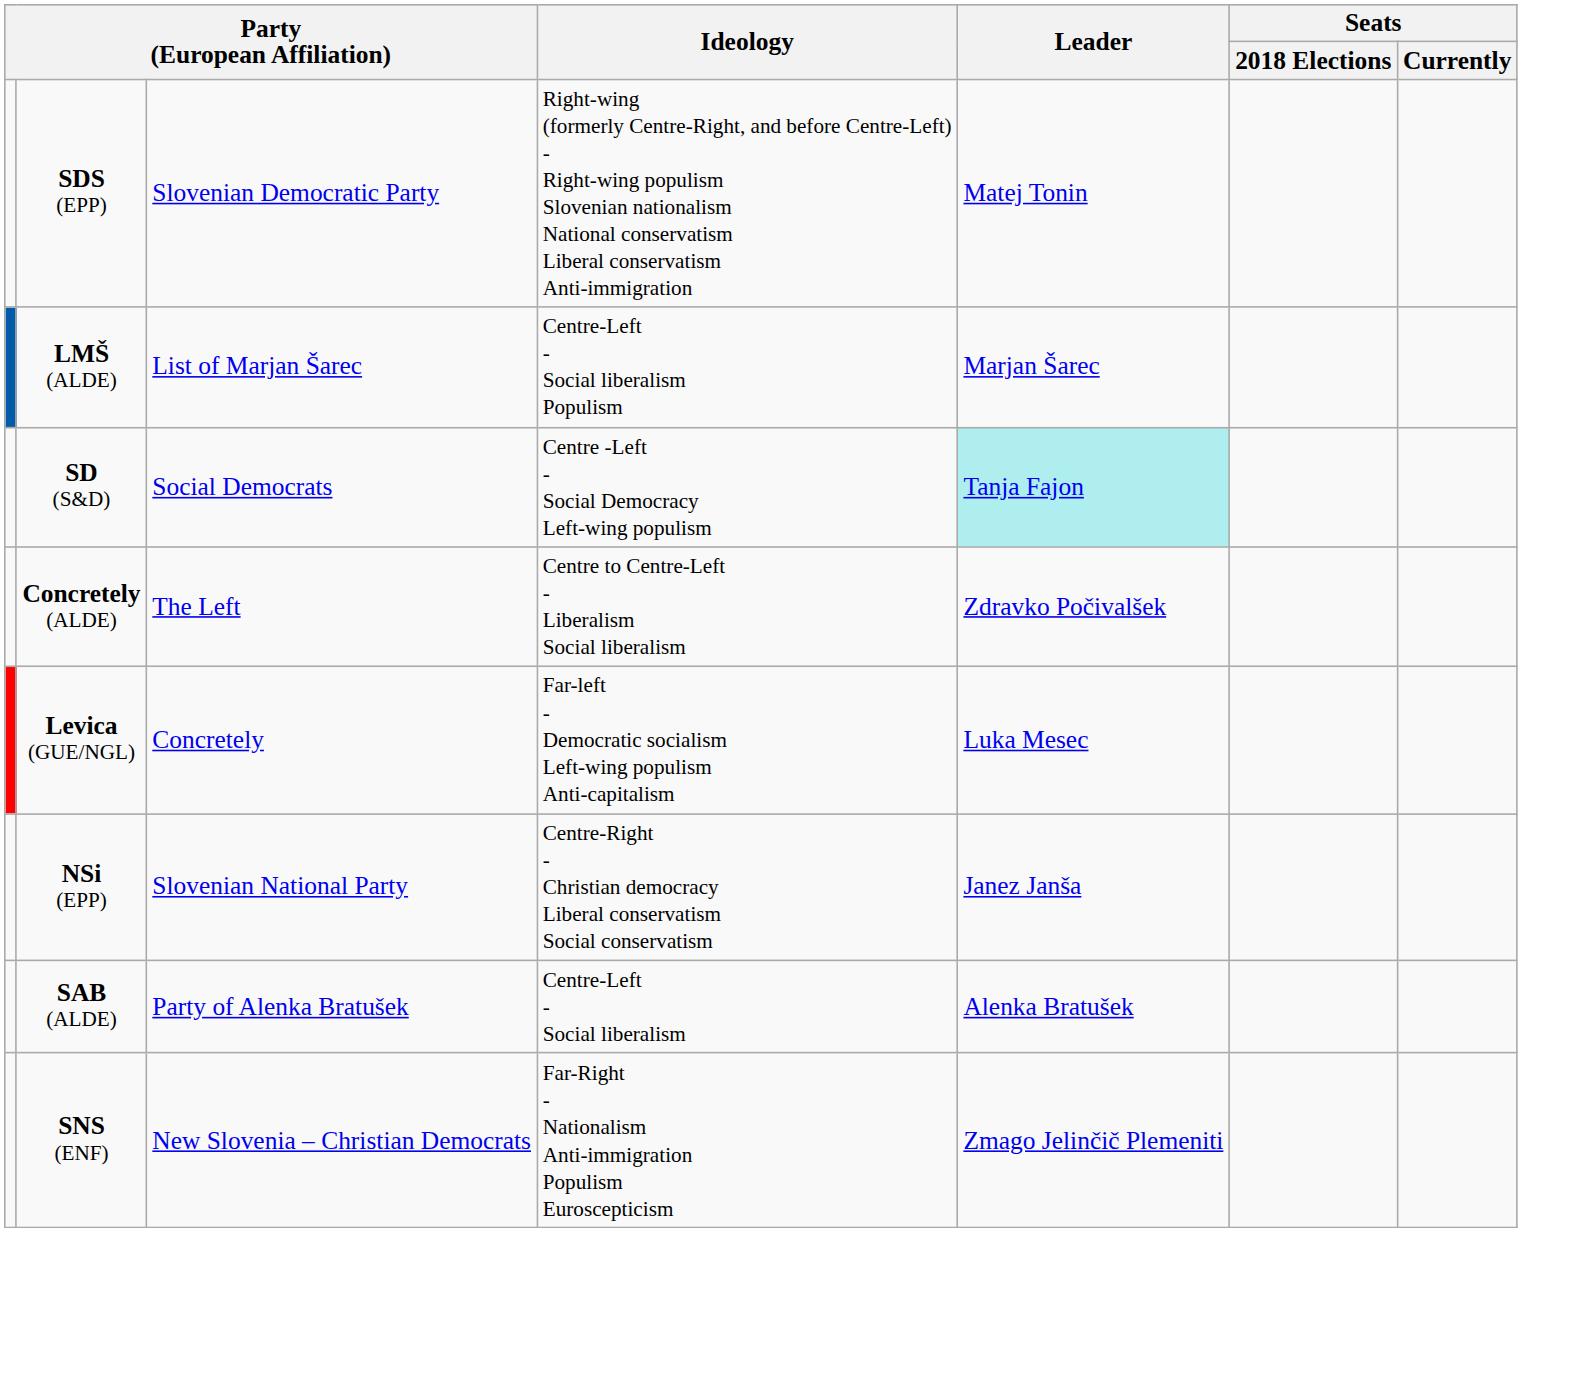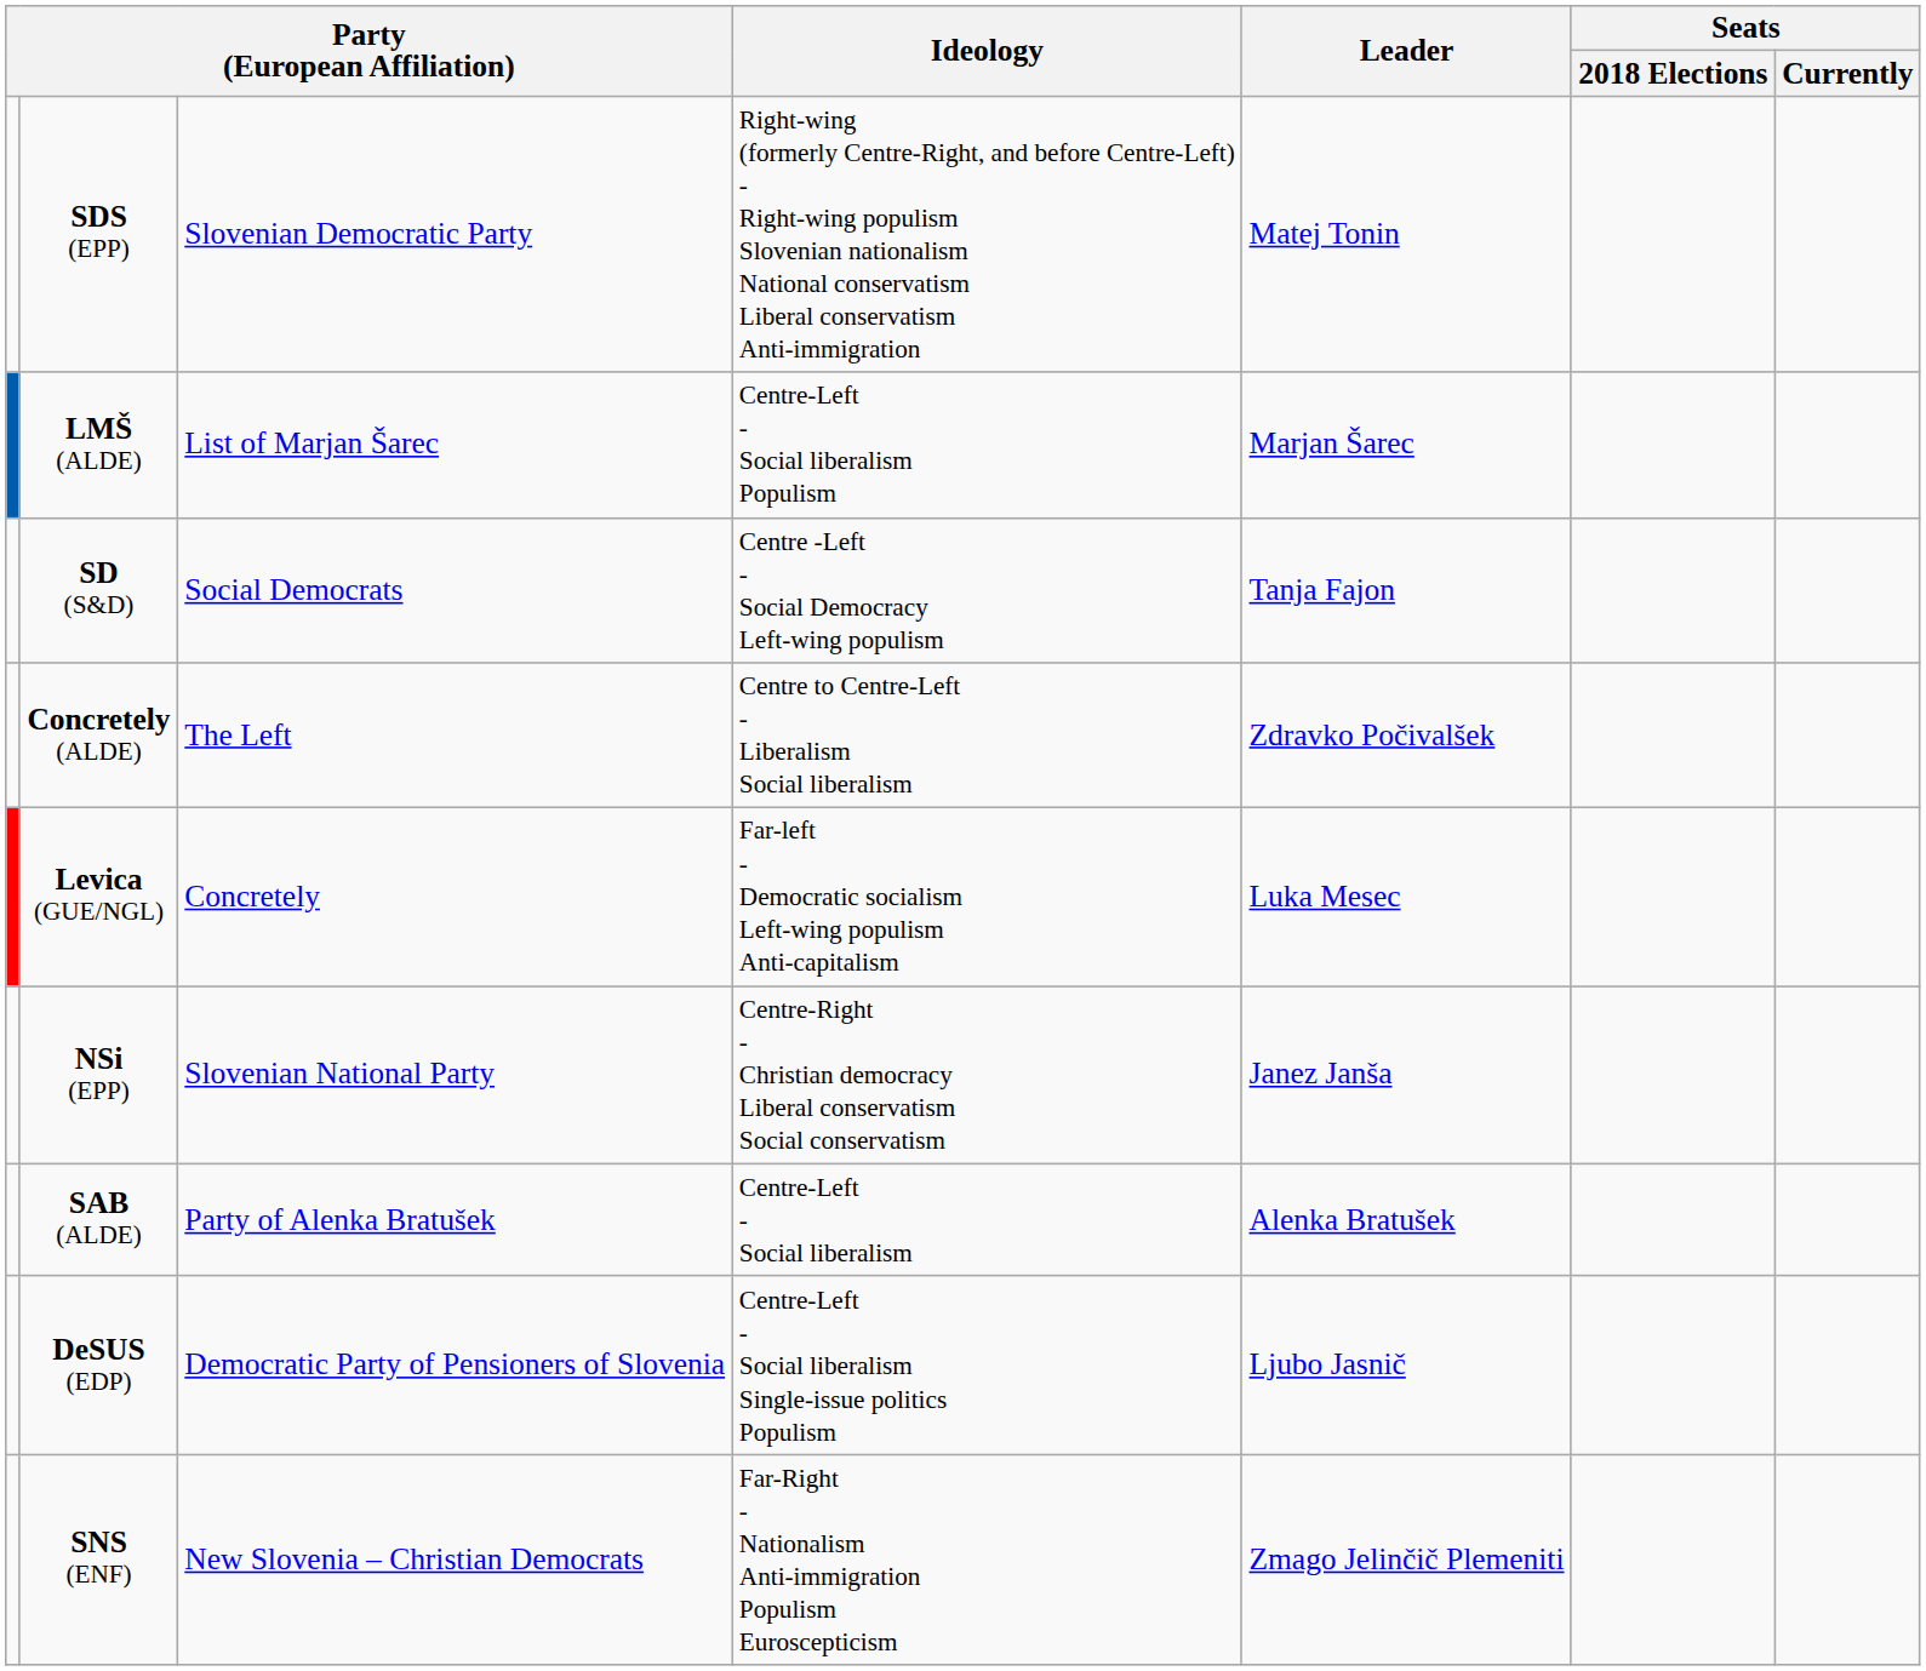 <table class="wikitable" style="line-height:16px;">
 <tr>
 <th colspan="3" rowspan="2">Party<br>(European Affiliation)</th>
 <th rowspan="2">Ideology</th>
 <th rowspan="2">Leader</th>
 <th colspan="2">Seats</th>
 </tr>
 <tr>
 <th>2018 Elections</th>
 <th>Currently</th>
 </tr>
 <tr>
 <td style="background:"></td>
 <td style="text-align:center;"><strong>SDS</strong><br><small>(EPP)</small></td>
 <td><a href='#'>Slovenian Democratic Party</a><br></td>
 <td><small>Right-wing</small><br><small>(formerly Centre-Right, and before Centre-Left)</small><br><small>-</small><br><small>Right-wing populism</small><br><small>Slovenian nationalism</small><br><small>National conservatism</small><br><small>Liberal conservatism</small><br><small>Anti-immigration</small></td>
 <td><a href='#'>Matej Tonin</a><br></td>
 <td></td>
 <td></td>
 </tr>
 <tr>
 <td style="background:#005bab"></td>
 <td style="text-align:center;"><strong>LMŠ</strong><br><small>(ALDE)</small></td>
 <td><a href='#'>List of Marjan Šarec</a><br></td>
 <td><small>Centre-Left</small><br><small>-</small><br><small>Social liberalism</small><br><small>Populism</small></td>
 <td><a href='#'>Marjan Šarec</a><br></td>
 <td></td>
 <td></td>
 </tr>
 <tr>
 <td style="background:"></td>
 <td style="text-align:center;"><strong>SD</strong><br><small>(S&D)</small></td>
 <td><a href='#'>Social Democrats</a><br></td>
 <td><small>Centre -Left</small><br><small>-</small><br><small>Social Democracy</small><br><small>Left-wing populism</small></td>
-<td style="background: paleturquoise;"><a href='#'>Tanja Fajon</a><br></td>
+<td><a href='#'>Tanja Fajon</a><br></td>
 <td></td>
 <td></td>
 </tr>
 <tr>
 <td style="background:"></td>
 <td style="text-align:center;"><strong>Concretely</strong><br><small>(ALDE)</small></td>
 <td><a href='#'>The Left</a><br></td>
 <td><small>Centre to Centre-Left</small><br><small>-</small><br><small>Liberalism</small><br><small>Social liberalism</small></td>
 <td><a href='#'>Zdravko Počivalšek</a><br></td>
 <td></td>
 <td></td>
 </tr>
 <tr>
 <td style="background:red"></td>
 <td style="text-align:center;"><strong>Levica</strong><br><small>(GUE/NGL)</small></td>
 <td><a href='#'>Concretely</a><br></td>
 <td><small>Far-left</small><br><small>-</small><br><small>Democratic socialism</small><br><small>Left-wing populism</small><br><small>Anti-capitalism</small></td>
 <td><a href='#'>Luka Mesec</a><br></td>
 <td></td>
 <td></td>
 </tr>
 <tr>
 <td style="background:"></td>
 <td style="text-align:center;"><strong>NSi</strong><br><small>(EPP)</small></td>
 <td><a href='#'>Slovenian National Party</a><br></td>
 <td><small>Centre-Right</small><br><small>-</small><br><small>Christian democracy</small><br><small>Liberal conservatism</small><br><small>Social conservatism</small></td>
 <td><a href='#'>Janez Janša</a><br></td>
 <td></td>
 <td></td>
 </tr>
 <tr>
 <td style="background:"></td>
 <td style="text-align:center;"><strong>SAB</strong><br><small>(ALDE)</small></td>
 <td><a href='#'>Party of Alenka Bratušek</a><br></td>
 <td><small>Centre-Left</small><br><small>-</small><br><small>Social liberalism</small></td>
 <td><a href='#'>Alenka Bratušek</a><br></td>
 <td></td>
 <td></td>
 </tr>
 <tr>
 <td style="background:"></td>
+<td style="text-align:center;"><strong>DeSUS</strong><br><small>(EDP)</small></td>
+<td><a href='#'>Democratic Party of Pensioners of Slovenia</a><br></td>
+<td><small>Centre-Left</small><br><small>-</small><br><small>Social liberalism</small><br><small>Single-issue politics</small><br><small>Populism</small></td>
+<td><a href='#'>Ljubo Jasnič</a><br></td>
+<td></td>
+<td></td>
+</tr>
+<tr>
+<td style="background:"></td>
 <td style="text-align:center;"><strong>SNS</strong><br><small>(ENF)</small></td>
 <td><a href='#'>New Slovenia – Christian Democrats</a><br></td>
 <td><small>Far-Right</small><br><small>-</small><br><small>Nationalism</small><br><small>Anti-immigration</small><br><small>Populism</small><br><small>Euroscepticism</small></td>
 <td><a href='#'>Zmago Jelinčič Plemeniti</a><br></td>
 <td></td>
 <td></td>
 </tr>
 </table>
